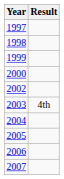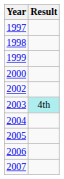 <table class="wikitable" style="text-align:center">
 <tr>
 <th>Year</th>
 <th>Result</th>
 </tr>
 <tr>
 <td><a href='#'>1997</a></td>
 <td></td>
 </tr>
 <tr>
 <td><a href='#'>1998</a></td>
 <td></td>
 </tr>
 <tr>
 <td><a href='#'>1999</a></td>
 <td></td>
 </tr>
 <tr>
 <td><a href='#'>2000</a></td>
 <td></td>
 </tr>
 <tr>
 <td><a href='#'>2002</a></td>
 <td></td>
 </tr>
 <tr>
 <td><a href='#'>2003</a></td>
-<td>4th</td>
+<td style="background: paleturquoise;">4th</td>
 </tr>
 <tr>
 <td><a href='#'>2004</a></td>
 <td></td>
 </tr>
 <tr>
 <td><a href='#'>2005</a></td>
 <td></td>
 </tr>
 <tr>
 <td><a href='#'>2006</a></td>
 <td></td>
 </tr>
 <tr>
 <td><a href='#'>2007</a></td>
 <td></td>
 </tr>
 </table>
